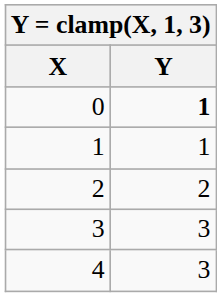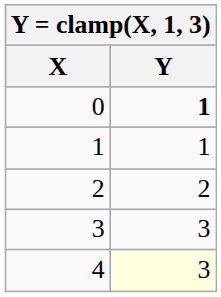 <table class="wikitable" style="margin:0 0 0 1em; text-align:right; float:right;">
 <tr>
 <th colspan="2">Y = clamp(X, 1, 3)</th>
 </tr>
 <tr>
 <th>X</th>
 <th>Y</th>
 </tr>
 <tr>
 <td>0</td>
 <td><strong>1</strong></td>
 </tr>
 <tr>
 <td>1</td>
 <td>1</td>
 </tr>
 <tr>
 <td>2</td>
 <td>2</td>
 </tr>
 <tr>
 <td>3</td>
 <td>3</td>
 </tr>
 <tr>
 <td>4</td>
-<td>3</td>
+<td style="background: lightyellow;">3</td>
 </tr>
 </table>
